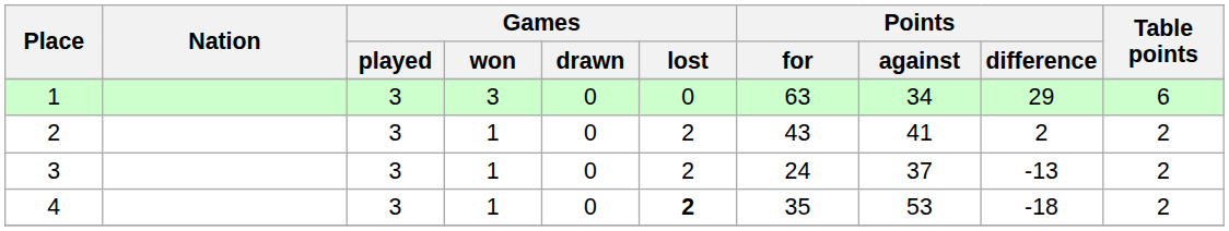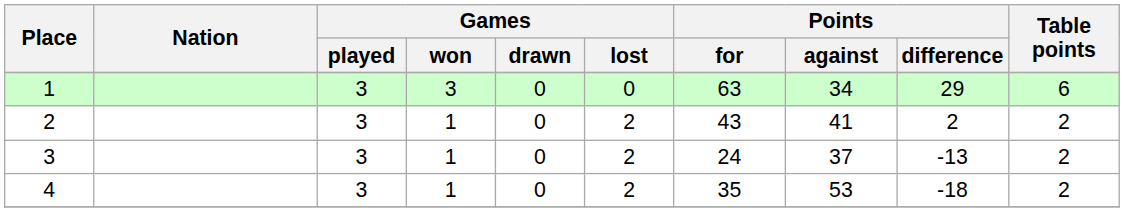 <table class="wikitable">
 <tr>
 <th rowspan=2 width="8%">Place</th>
 <th rowspan=2 width="20%">Nation</th>
 <th colspan=4 width="32%">Games</th>
 <th colspan=3 width="30%">Points</th>
 <th rowspan=2 width="10%">Table<br>points</th>
 </tr>
 <tr>
 <th width="8%">played</th>
 <th width="8%">won</th>
 <th width="8%">drawn</th>
 <th width="8%">lost</th>
 <th width="10%">for</th>
 <th width="10%">against</th>
 <th width="10%">difference</th>
 </tr>
 <tr>
 </tr>
 <tr bgcolor=#ccffcc align=center>
 <td>1</td>
 <td align=left><strong></strong></td>
 <td>3</td>
 <td>3</td>
 <td>0</td>
 <td>0</td>
 <td>63</td>
 <td>34</td>
 <td>29</td>
 <td>6</td>
 </tr>
 <tr bgcolor=#ffffff align=center>
 <td>2</td>
 <td align=left></td>
 <td>3</td>
 <td>1</td>
 <td>0</td>
 <td>2</td>
 <td>43</td>
 <td>41</td>
 <td>2</td>
 <td>2</td>
 </tr>
 <tr bgcolor=#ffffff align=center>
 <td>3</td>
 <td align=left></td>
 <td>3</td>
 <td>1</td>
 <td>0</td>
 <td>2</td>
 <td>24</td>
 <td>37</td>
 <td>-13</td>
 <td>2</td>
 </tr>
 <tr bgcolor=#ffffff align=center>
 <td>4</td>
 <td align=left></td>
 <td>3</td>
 <td>1</td>
 <td>0</td>
-<td><strong>2</strong></td>
+<td>2</td>
 <td>35</td>
 <td>53</td>
 <td>-18</td>
 <td>2</td>
 </tr>
 <tr bgcolor=#ffcccc align=center>
 </tr>
 </table>
